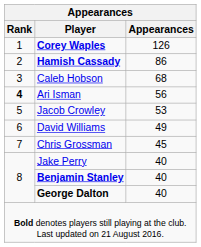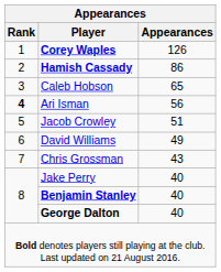 <table class="wikitable" style="text-align:center">
 <tr>
 <th colspan="3">Appearances</th>
 </tr>
 <tr>
 <th>Rank</th>
 <th>Player</th>
 <th>Appearances</th>
 </tr>
 <tr>
 <td>1</td>
 <td align="left"> <strong><a href='#'>Corey Waples</a></strong></td>
 <td>126</td>
 </tr>
 <tr>
 <td>2</td>
 <td align="left"> <strong><a href='#'>Hamish Cassady</a></strong></td>
 <td>86</td>
 </tr>
 <tr>
 <td>3</td>
 <td align="left"> <a href='#'>Caleb Hobson</a></td>
-<td>68</td>
+<td>65</td>
 </tr>
 <tr>
 <td><strong>4</strong></td>
 <td align="left"> <a href='#'>Ari Isman</a></td>
 <td>56</td>
 </tr>
 <tr>
 <td>5</td>
 <td align="left"> <a href='#'>Jacob Crowley</a></td>
-<td>53</td>
+<td>51</td>
 </tr>
 <tr>
 <td>6</td>
 <td align="left"> <a href='#'>David Williams</a></td>
 <td>49</td>
 </tr>
 <tr>
 <td>7</td>
 <td align="left"> <a href='#'>Chris Grossman</a></td>
-<td>45</td>
+<td>43</td>
 </tr>
 <tr>
 <td rowspan="3">8</td>
 <td align="left"> <a href='#'>Jake Perry</a></td>
 <td>40</td>
 </tr>
 <tr>
 <td align="left"> <strong><a href='#'>Benjamin Stanley</a></strong></td>
 <td>40</td>
 </tr>
 <tr>
 <td align="left"> <strong>George Dalton</strong></td>
 <td>40</td>
 </tr>
 <tr>
 <td colspan="5"><br><small> <strong>Bold</strong> denotes players still playing at the club.<br> Last updated on 21 August 2016. </small></td>
 </tr>
 </table>
